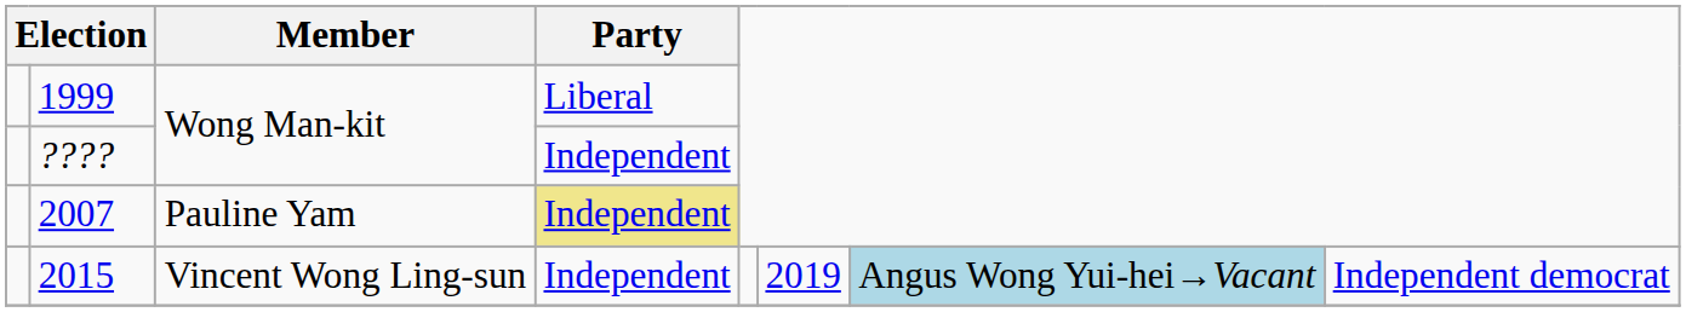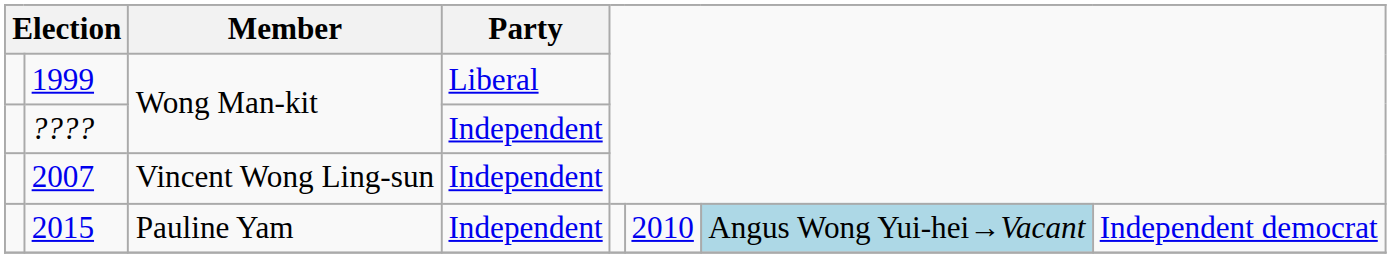 <table class="wikitable">
 <tr>
 <th colspan="2">Election</th>
 <th>Member</th>
 <th>Party</th>
 </tr>
 <tr>
 <td style="background-color: "></td>
 <td><a href='#'>1999</a></td>
 <td rowspan=2>Wong Man-kit</td>
 <td><a href='#'>Liberal</a></td>
 </tr>
 <tr>
 <td style="background-color: "></td>
 <td><em>????</em></td>
 <td><a href='#'>Independent</a></td>
 </tr>
 <tr>
 <td style="background-color: "></td>
 <td><a href='#'>2007</a></td>
-<td>Pauline Yam</td>
-<td style="background: khaki;"><a href='#'>Independent</a></td>
+<td>Vincent Wong Ling-sun</td>
+<td><a href='#'>Independent</a></td>
 </tr>
 <tr>
 <td style="background-color: "></td>
 <td><a href='#'>2015</a></td>
-<td>Vincent Wong Ling-sun</td>
+<td>Pauline Yam</td>
 <td><a href='#'>Independent</a></td>
 <td style="background-color: "></td>
-<td><a href='#'>2019</a></td>
+<td><a href='#'>2010</a></td>
 <td style="background: lightblue;">Angus Wong Yui-hei→<em>Vacant</em></td>
 <td><a href='#'>Independent democrat</a></td>
 </tr>
 <tr>
 </tr>
 </table>
